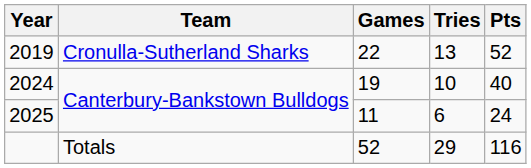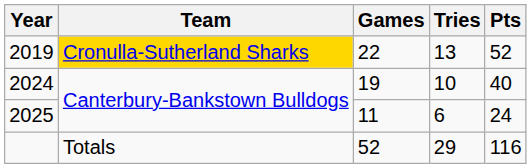 <table class="wikitable">
 <tr>
 <th>Year</th>
 <th>Team</th>
 <th>Games</th>
 <th>Tries</th>
 <th>Pts</th>
 </tr>
 <tr>
 <td>2019</td>
-<td> <a href='#'>Cronulla-Sutherland Sharks</a></td>
+<td style="background: gold;"> <a href='#'>Cronulla-Sutherland Sharks</a></td>
 <td>22</td>
 <td>13</td>
 <td>52</td>
 </tr>
 <tr>
 <td>2024</td>
 <td rowspan="2"> <a href='#'>Canterbury-Bankstown Bulldogs</a></td>
 <td>19</td>
 <td>10</td>
 <td>40</td>
 </tr>
 <tr>
 <td>2025</td>
 <td>11</td>
 <td>6</td>
 <td>24</td>
 </tr>
 <tr>
 <td></td>
 <td>Totals</td>
 <td>52</td>
 <td>29</td>
 <td>116</td>
 </tr>
 </table>
